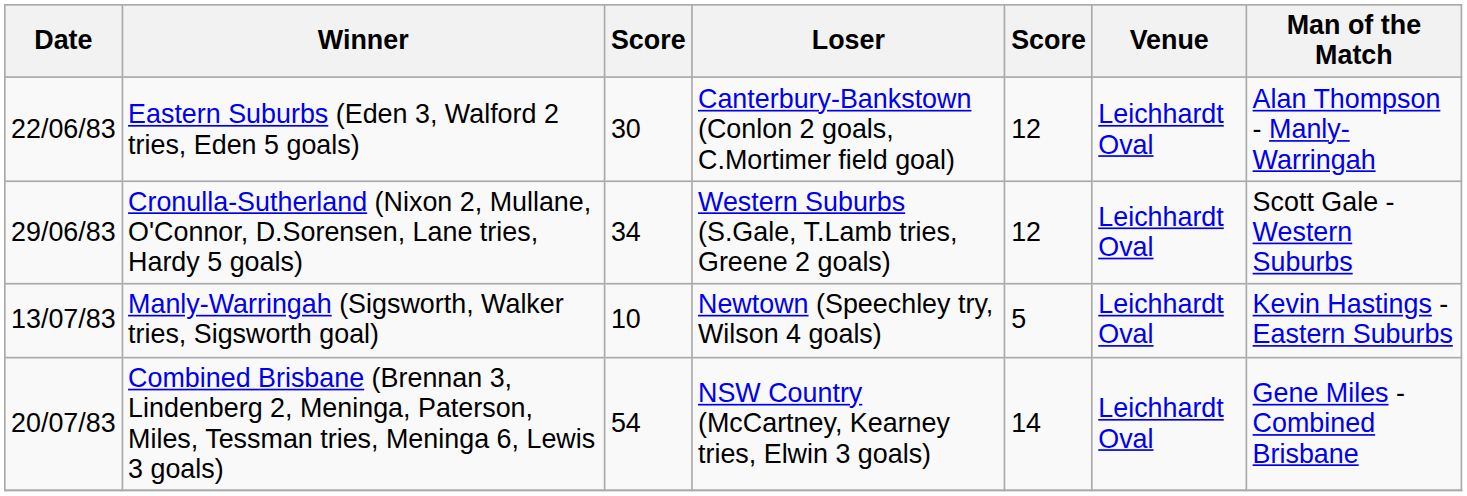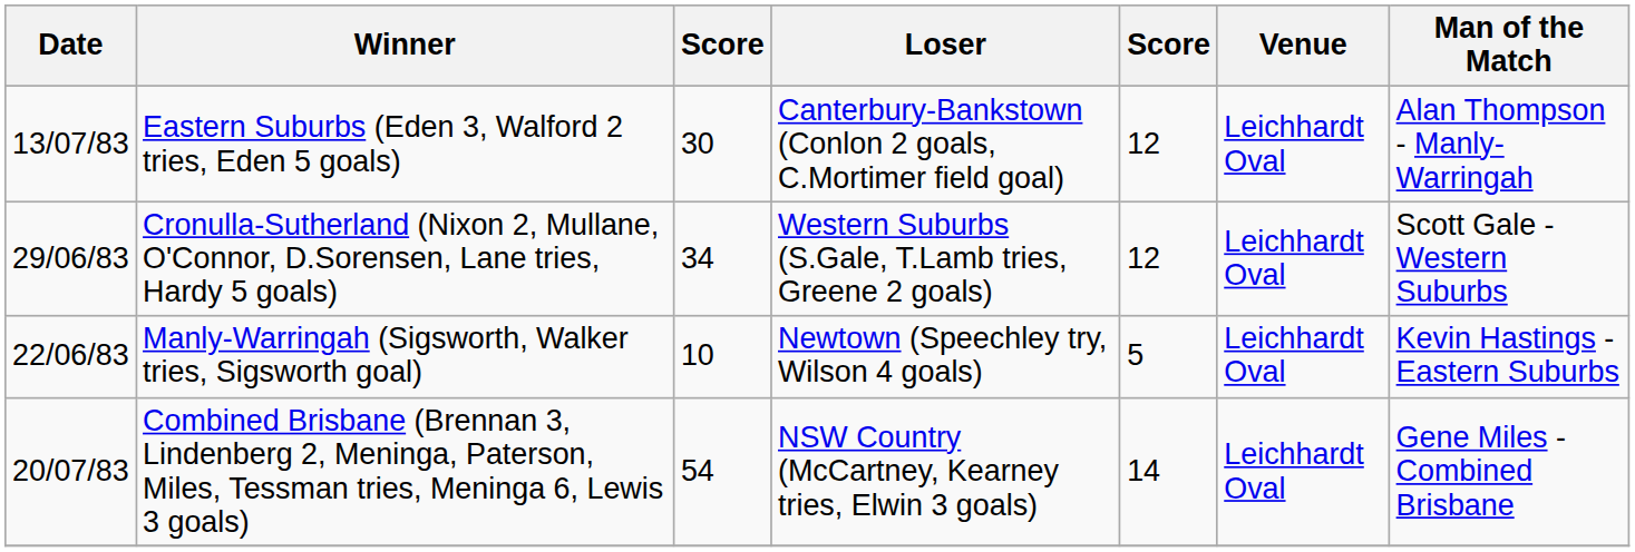 <table class="wikitable">
 <tr>
 <th>Date</th>
 <th>Winner</th>
 <th>Score</th>
 <th>Loser</th>
 <th>Score</th>
 <th>Venue</th>
 <th>Man of the Match</th>
 </tr>
 <tr>
-<td>22/06/83</td>
+<td>13/07/83</td>
 <td> <a href='#'>Eastern Suburbs</a> (Eden 3, Walford 2 tries, Eden 5 goals)</td>
 <td>30</td>
 <td> <a href='#'>Canterbury-Bankstown</a> (Conlon 2 goals, C.Mortimer field goal)</td>
 <td>12</td>
 <td><a href='#'>Leichhardt Oval</a></td>
 <td><a href='#'>Alan Thompson</a> - <a href='#'>Manly-Warringah</a></td>
 </tr>
 <tr>
 <td>29/06/83</td>
 <td> <a href='#'>Cronulla-Sutherland</a> (Nixon 2, Mullane, O'Connor, D.Sorensen, Lane tries, Hardy 5 goals)</td>
 <td>34</td>
 <td> <a href='#'>Western Suburbs</a> (S.Gale, T.Lamb tries, Greene 2 goals)</td>
 <td>12</td>
 <td><a href='#'>Leichhardt Oval</a></td>
 <td>Scott Gale - <a href='#'>Western Suburbs</a></td>
 </tr>
 <tr>
-<td>13/07/83</td>
+<td>22/06/83</td>
 <td> <a href='#'>Manly-Warringah</a> (Sigsworth, Walker tries, Sigsworth goal)</td>
 <td>10</td>
 <td> <a href='#'>Newtown</a> (Speechley try, Wilson 4 goals)</td>
 <td>5</td>
 <td><a href='#'>Leichhardt Oval</a></td>
 <td><a href='#'>Kevin Hastings</a> - <a href='#'>Eastern Suburbs</a></td>
 </tr>
 <tr>
 <td>20/07/83</td>
 <td> <a href='#'>Combined Brisbane</a> (Brennan 3, Lindenberg 2, Meninga, Paterson, Miles, Tessman tries, Meninga 6, Lewis 3 goals)</td>
 <td>54</td>
 <td> <a href='#'>NSW Country</a> (McCartney, Kearney tries, Elwin 3 goals)</td>
 <td>14</td>
 <td><a href='#'>Leichhardt Oval</a></td>
 <td><a href='#'>Gene Miles</a> - <a href='#'>Combined Brisbane</a></td>
 </tr>
 <tr>
 </tr>
 </table>
